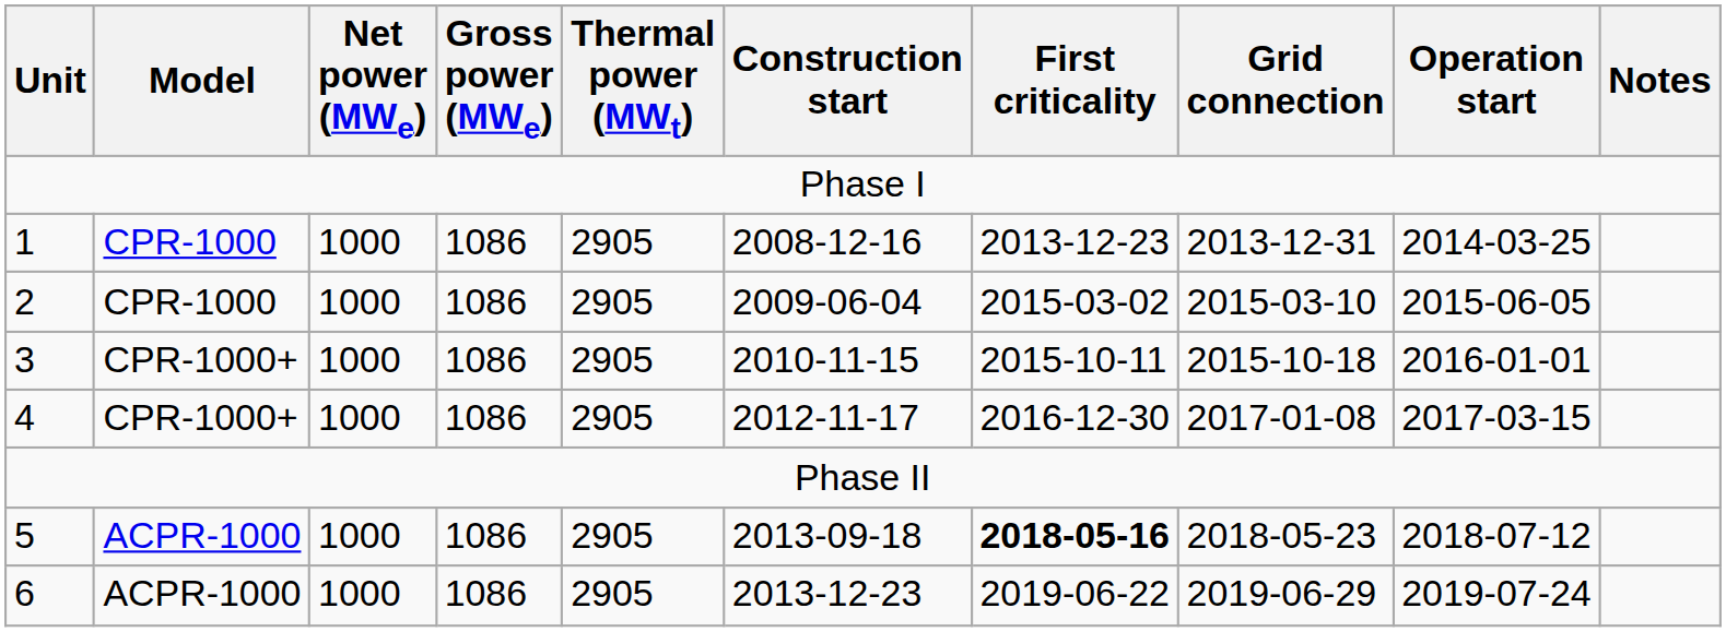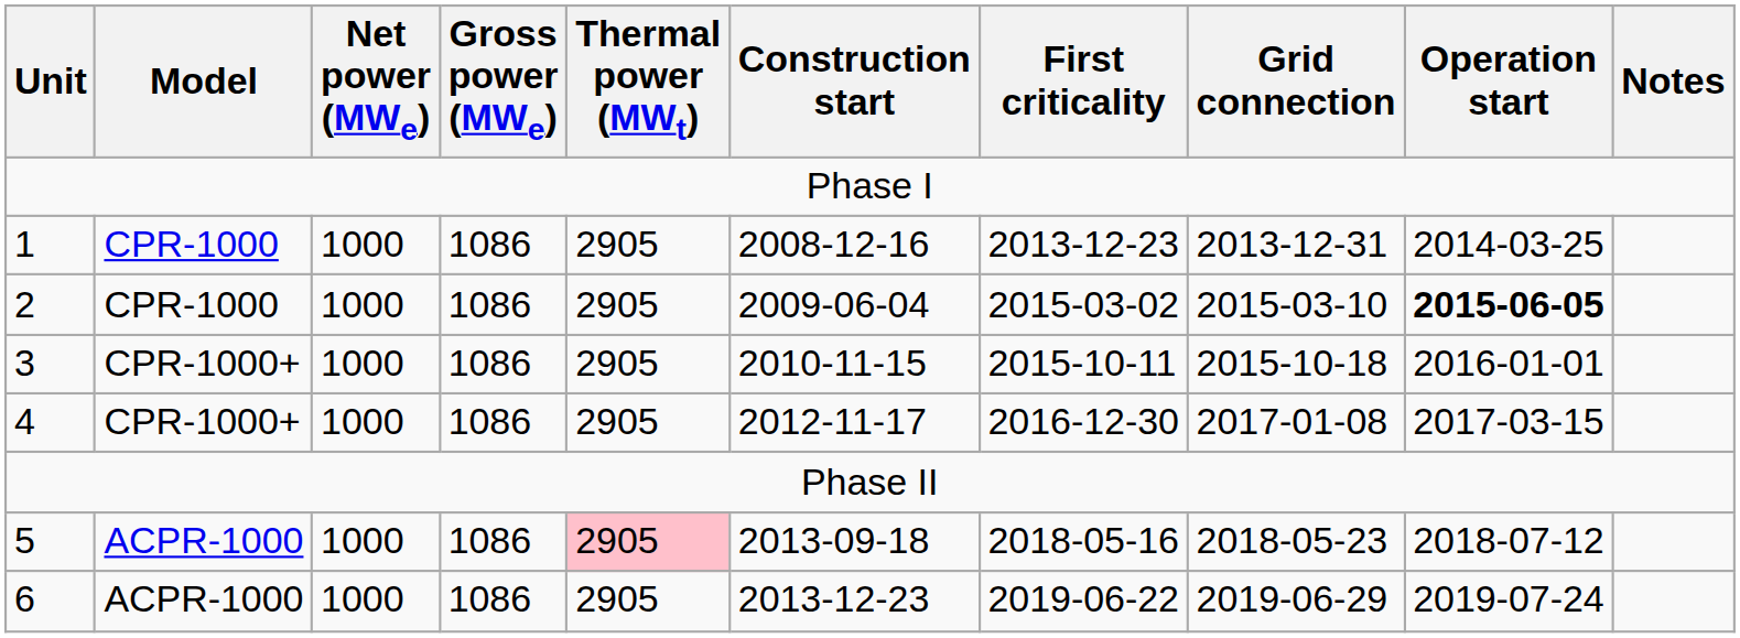 <table class="wikitable">
 <tr>
 <th>Unit</th>
 <th>Model</th>
 <th>Net<br>power<br>(<a href='#'>MW<sub>e</sub></a>)</th>
 <th>Gross<br>power<br>(<a href='#'>MW<sub>e</sub></a>)</th>
 <th>Thermal<br>power<br>(<a href='#'>MW<sub>t</sub></a>)</th>
 <th>Construction<br>start</th>
 <th>First<br>criticality</th>
 <th>Grid<br>connection</th>
 <th>Operation<br>start</th>
 <th>Notes</th>
 </tr>
 <tr>
 <td colspan="10" align="center">Phase I</td>
 </tr>
 <tr>
 <td>1</td>
 <td><a href='#'>CPR-1000</a></td>
 <td>1000</td>
 <td>1086</td>
 <td>2905</td>
 <td>2008-12-16</td>
 <td>2013-12-23</td>
 <td>2013-12-31</td>
 <td>2014-03-25</td>
 <td></td>
 </tr>
 <tr>
 <td>2</td>
 <td>CPR-1000</td>
 <td>1000</td>
 <td>1086</td>
 <td>2905</td>
 <td>2009-06-04</td>
 <td>2015-03-02</td>
 <td>2015-03-10</td>
-<td>2015-06-05</td>
+<td><strong>2015-06-05</strong></td>
 <td></td>
 </tr>
 <tr>
 <td>3</td>
 <td>CPR-1000+</td>
 <td>1000</td>
 <td>1086</td>
 <td>2905</td>
 <td>2010-11-15</td>
 <td>2015-10-11</td>
 <td>2015-10-18</td>
 <td>2016-01-01</td>
 <td></td>
 </tr>
 <tr>
 <td>4</td>
 <td>CPR-1000+</td>
 <td>1000</td>
 <td>1086</td>
 <td>2905</td>
 <td>2012-11-17</td>
 <td>2016-12-30</td>
 <td>2017-01-08</td>
 <td>2017-03-15</td>
 <td></td>
 </tr>
 <tr>
 <td colspan="10" align="center">Phase II</td>
 </tr>
 <tr>
 <td>5</td>
 <td><a href='#'>ACPR-1000</a></td>
 <td>1000</td>
 <td>1086</td>
-<td>2905</td>
+<td style="background: pink;">2905</td>
 <td>2013-09-18</td>
-<td><strong>2018-05-16</strong></td>
+<td>2018-05-16</td>
 <td>2018-05-23</td>
 <td>2018-07-12</td>
 <td></td>
 </tr>
 <tr>
 <td>6</td>
 <td>ACPR-1000</td>
 <td>1000</td>
 <td>1086</td>
 <td>2905</td>
 <td>2013-12-23</td>
 <td>2019-06-22</td>
 <td>2019-06-29</td>
 <td>2019-07-24</td>
 <td></td>
 </tr>
 </table>
